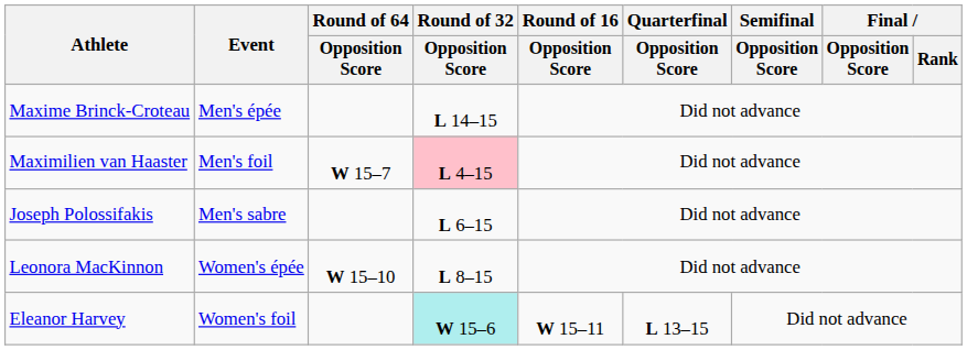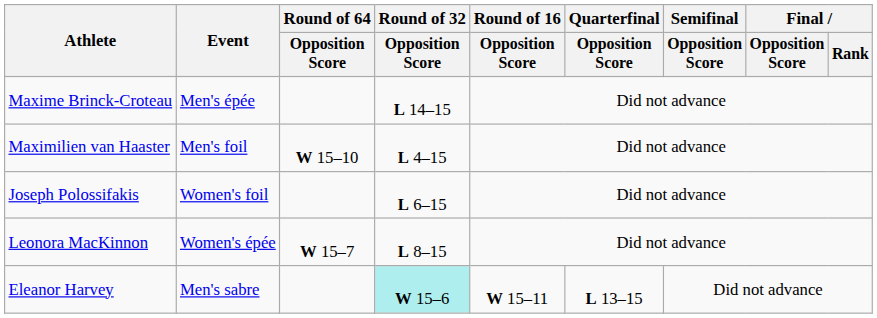 <table class="wikitable" style="font-size:90%">
 <tr>
 <th rowspan=2>Athlete</th>
 <th rowspan=2>Event</th>
 <th>Round of 64</th>
 <th>Round of 32</th>
 <th>Round of 16</th>
 <th>Quarterfinal</th>
 <th>Semifinal</th>
 <th colspan=2>Final / </th>
 </tr>
 <tr style="font-size:95%">
 <th>Opposition<br>Score</th>
 <th>Opposition<br>Score</th>
 <th>Opposition<br>Score</th>
 <th>Opposition<br>Score</th>
 <th>Opposition<br>Score</th>
 <th>Opposition<br>Score</th>
 <th>Rank</th>
 </tr>
 <tr align=center>
 <td align=left><a href='#'>Maxime Brinck-Croteau</a></td>
 <td align=left><a href='#'>Men's épée</a></td>
 <td></td>
 <td><br><strong>L</strong> 14–15</td>
 <td colspan=5>Did not advance</td>
 </tr>
 <tr align=center>
 <td align=left><a href='#'>Maximilien van Haaster</a></td>
 <td align=left><a href='#'>Men's foil</a></td>
-<td><br><strong>W</strong> 15–7</td>
-<td style="background: pink;"><br><strong>L</strong> 4–15</td>
+<td><br><strong>W</strong> 15–10</td>
+<td><br><strong>L</strong> 4–15</td>
 <td colspan=5>Did not advance</td>
 </tr>
 <tr align=center>
 <td align=left><a href='#'>Joseph Polossifakis</a></td>
-<td align=left><a href='#'>Men's sabre</a></td>
+<td align=left><a href='#'>Women's foil</a></td>
 <td></td>
 <td><br><strong>L</strong> 6–15</td>
 <td colspan=5>Did not advance</td>
 </tr>
 <tr align=center>
 <td align=left><a href='#'>Leonora MacKinnon</a></td>
 <td align=left><a href='#'>Women's épée</a></td>
-<td><br><strong>W</strong> 15–10</td>
+<td><br><strong>W</strong> 15–7</td>
 <td><br><strong>L</strong> 8–15</td>
 <td colspan=5>Did not advance</td>
 </tr>
 <tr align=center>
 <td align=left><a href='#'>Eleanor Harvey</a></td>
-<td align=left><a href='#'>Women's foil</a></td>
+<td align=left><a href='#'>Men's sabre</a></td>
 <td></td>
 <td style="background: paleturquoise;"><br><strong>W</strong> 15–6</td>
 <td><br><strong>W</strong> 15–11</td>
 <td><br><strong>L</strong> 13–15</td>
 <td colspan=3>Did not advance</td>
 </tr>
 </table>
